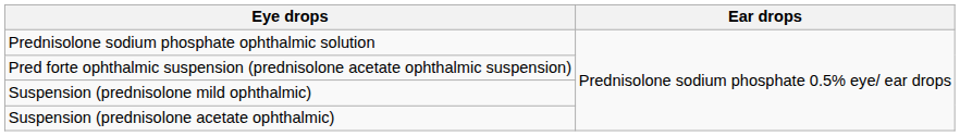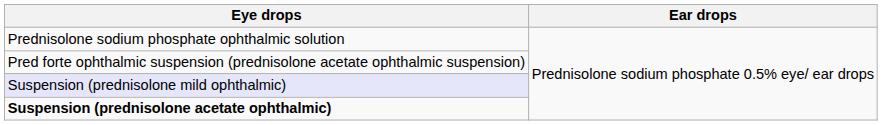 <table class="wikitable">
 <tr>
 <th>Eye drops</th>
 <th>Ear drops</th>
 </tr>
 <tr>
 <td>Prednisolone sodium phosphate ophthalmic solution</td>
 <td rowspan="4">Prednisolone sodium phosphate 0.5% eye/ ear drops</td>
 </tr>
 <tr>
 <td>Pred forte ophthalmic suspension (prednisolone acetate ophthalmic suspension)</td>
 </tr>
 <tr>
-<td>Suspension (prednisolone mild ophthalmic)</td>
+<td style="background: lavender;">Suspension (prednisolone mild ophthalmic)</td>
 </tr>
 <tr>
-<td>Suspension (prednisolone acetate ophthalmic)</td>
+<td><strong>Suspension (prednisolone acetate ophthalmic)</strong></td>
 </tr>
 </table>
